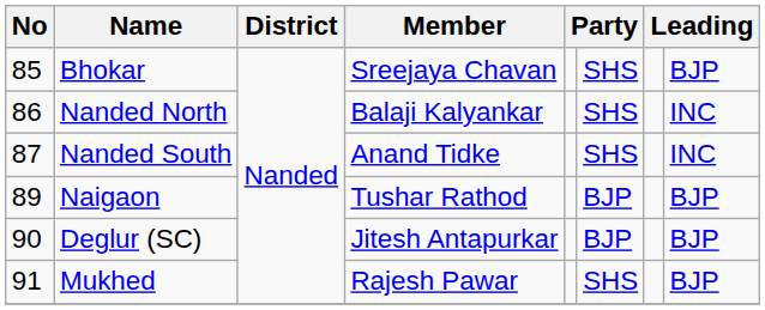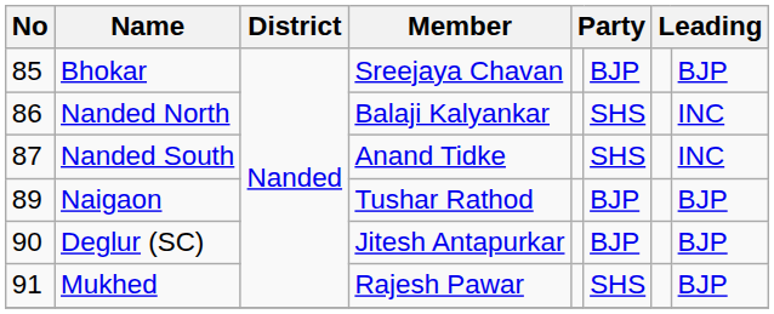 <table class ="wikitable">
 <tr>
 <th>No</th>
 <th>Name</th>
 <th>District</th>
 <th>Member</th>
 <th colspan="2">Party</th>
 <th colspan="2">Leading<br></th>
 </tr>
 <tr>
 <td>85</td>
 <td><a href='#'>Bhokar</a></td>
 <td rowspan="6"><a href='#'>Nanded</a></td>
 <td><a href='#'>Sreejaya Chavan</a></td>
 <td style="background-color: "></td>
-<td><a href='#'>SHS</a></td>
+<td><a href='#'>BJP</a></td>
 <td style="background-color: "></td>
 <td><a href='#'>BJP</a></td>
 </tr>
 <tr>
 <td>86</td>
 <td><a href='#'>Nanded North</a></td>
 <td><a href='#'>Balaji Kalyankar</a></td>
 <td style="background-color: "></td>
 <td><a href='#'>SHS</a></td>
 <td style="background-color: "></td>
 <td><a href='#'>INC</a></td>
 </tr>
 <tr>
 <td>87</td>
 <td><a href='#'>Nanded South</a></td>
 <td><a href='#'>Anand Tidke</a></td>
 <td style="background-color: "></td>
 <td><a href='#'>SHS</a></td>
 <td style="background-color: "></td>
 <td><a href='#'>INC</a></td>
 </tr>
 <tr>
 <td>89</td>
 <td><a href='#'>Naigaon</a></td>
 <td><a href='#'>Tushar Rathod</a></td>
 <td style="background-color: "></td>
 <td><a href='#'>BJP</a></td>
 <td style="background-color: "></td>
 <td><a href='#'>BJP</a></td>
 </tr>
 <tr>
 <td>90</td>
 <td><a href='#'>Deglur</a> (SC)</td>
 <td><a href='#'>Jitesh Antapurkar</a></td>
 <td style="background-color: "></td>
 <td><a href='#'>BJP</a></td>
 <td style="background-color: "></td>
 <td><a href='#'>BJP</a></td>
 </tr>
 <tr>
 <td>91</td>
 <td><a href='#'>Mukhed</a></td>
 <td><a href='#'>Rajesh Pawar</a></td>
 <td style="background-color: "></td>
 <td><a href='#'>SHS</a></td>
 <td style="background-color: "></td>
 <td><a href='#'>BJP</a></td>
 </tr>
 <tr>
 </tr>
 </table>
